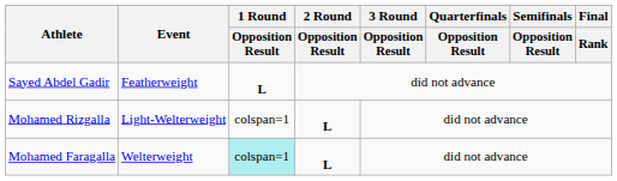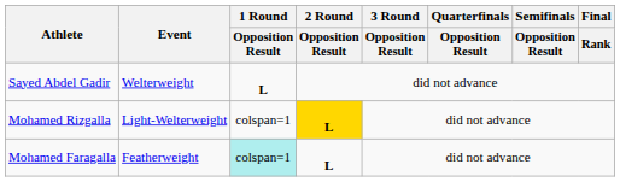 <table class="wikitable" style="font-size:90%">
 <tr>
 <th rowspan="2">Athlete</th>
 <th rowspan="2">Event</th>
 <th>1 Round</th>
 <th>2 Round</th>
 <th>3 Round</th>
 <th>Quarterfinals</th>
 <th>Semifinals</th>
 <th colspan=2>Final</th>
 </tr>
 <tr style="font-size:95%">
 <th>Opposition<br>Result</th>
 <th>Opposition<br>Result</th>
 <th>Opposition<br>Result</th>
 <th>Opposition<br>Result</th>
 <th>Opposition<br>Result</th>
 <th colspan=2>Rank</th>
 </tr>
 <tr align=center>
 <td align=left><a href='#'>Sayed Abdel Gadir</a></td>
-<td align=left><a href='#'>Featherweight</a></td>
+<td align=left><a href='#'>Welterweight</a></td>
 <td><br><strong>L</strong></td>
 <td colspan=6>did not advance</td>
 </tr>
 <tr align=center>
 <td align=left><a href='#'>Mohamed Rizgalla</a></td>
 <td align=left><a href='#'>Light-Welterweight</a></td>
 <td>colspan=1 </td>
-<td><br><strong>L</strong></td>
+<td style="background: gold;"><br><strong>L</strong></td>
 <td colspan=5>did not advance</td>
 </tr>
 <tr align=center>
 <td align=left><a href='#'>Mohamed Faragalla</a></td>
-<td align=left><a href='#'>Welterweight</a></td>
+<td align=left><a href='#'>Featherweight</a></td>
 <td style="background: paleturquoise;">colspan=1 </td>
 <td><br><strong>L</strong></td>
 <td colspan=5>did not advance</td>
 </tr>
 </table>
